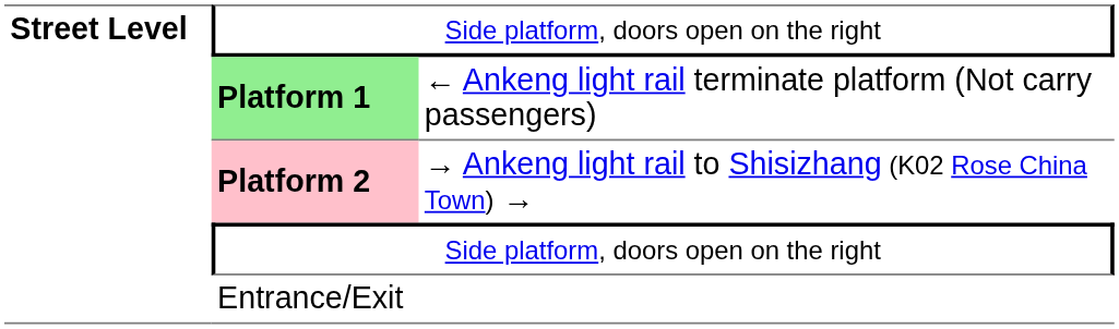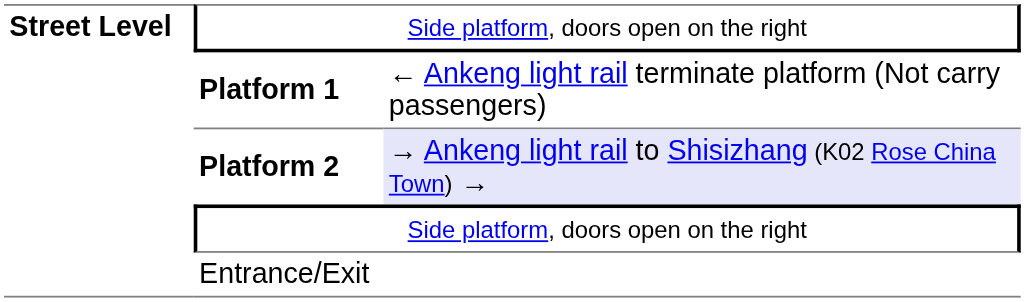 <table cellspacing="0" cellpadding="3">
 <tr>
 <td rowspan="5" style="border-top:solid 1px gray;border-bottom:solid 1px gray;" width="100" valign="top"><strong>Street Level</strong></td>
 <td colspan="2" style="border-right:solid 2px black;border-left:solid 2px black;border-bottom:solid 2px black;border-top:solid 1px gray" align="center"><small><a href='#'>Side platform</a>, doors open on the right</small></td>
 </tr>
 <tr>
-<td style="background: lightgreen; border-bottom:solid 1px gray;" width="100"><strong>Platform 1</strong></td>
+<td style="border-bottom:solid 1px gray;" width="100"><strong>Platform 1</strong></td>
 <td style="border-bottom:solid 1px gray;" width="350">←  <a href='#'>Ankeng light rail</a> terminate platform (Not carry passengers)</td>
 </tr>
 <tr>
-<td style="background: pink;"><strong>Platform 2</strong></td>
-<td><span>→</span>  <a href='#'>Ankeng light rail</a> to <a href='#'>Shisizhang</a><small> (K02 <a href='#'>Rose China Town</a>)</small> →</td>
+<td><strong>Platform 2</strong></td>
+<td style="background: lavender;"><span>→</span>  <a href='#'>Ankeng light rail</a> to <a href='#'>Shisizhang</a><small> (K02 <a href='#'>Rose China Town</a>)</small> →</td>
 </tr>
 <tr>
 <td colspan="2" style="border-top:solid 2px black;border-right:solid 2px black;border-left:solid 2px black;border-bottom:solid 1px gray;" align="center"><small><a href='#'>Side platform</a>, doors open on the right</small></td>
 </tr>
 <tr>
 <td colspan="2" style="border-bottom:solid 1px gray;" valign="top">Entrance/Exit</td>
 </tr>
 </table>
